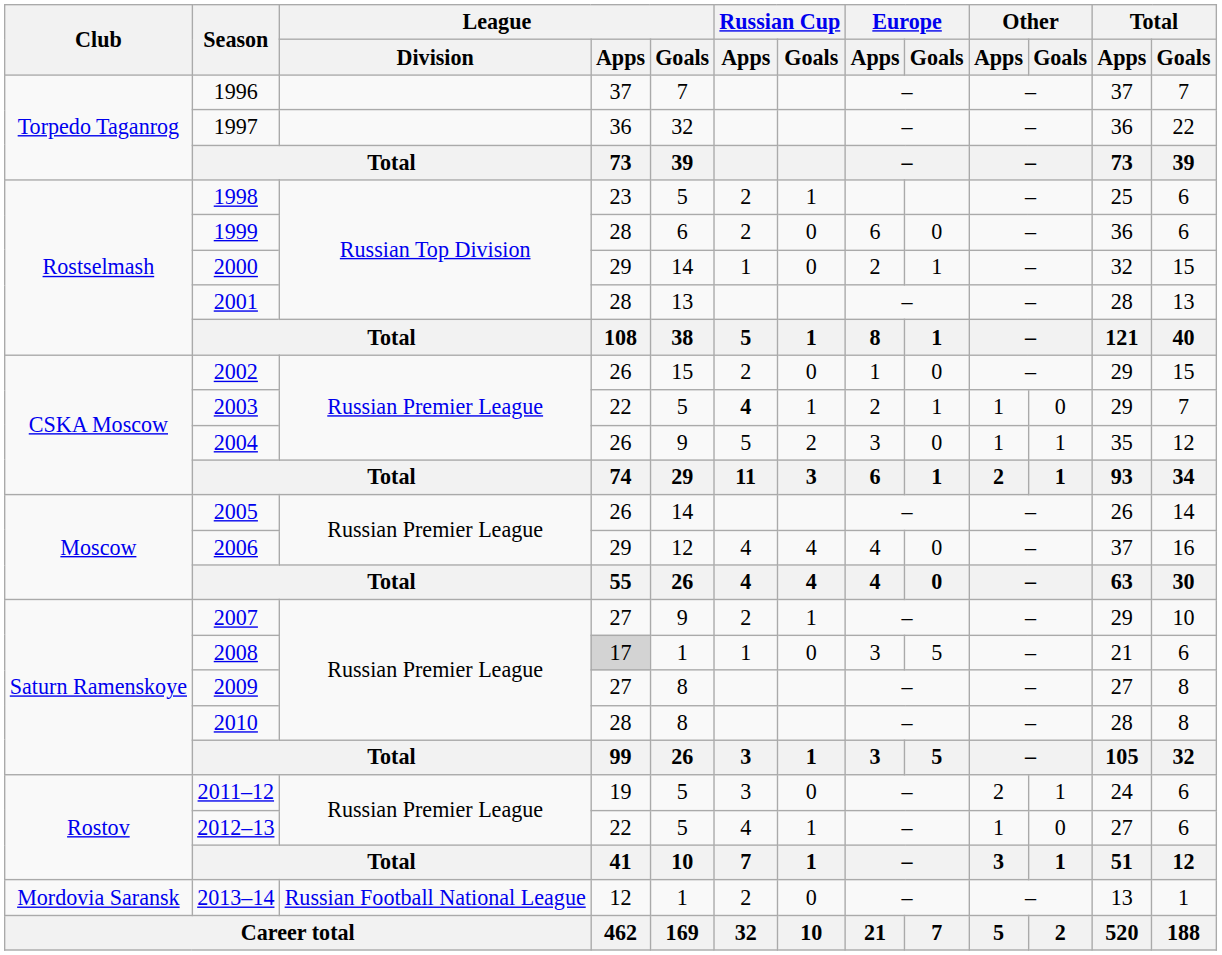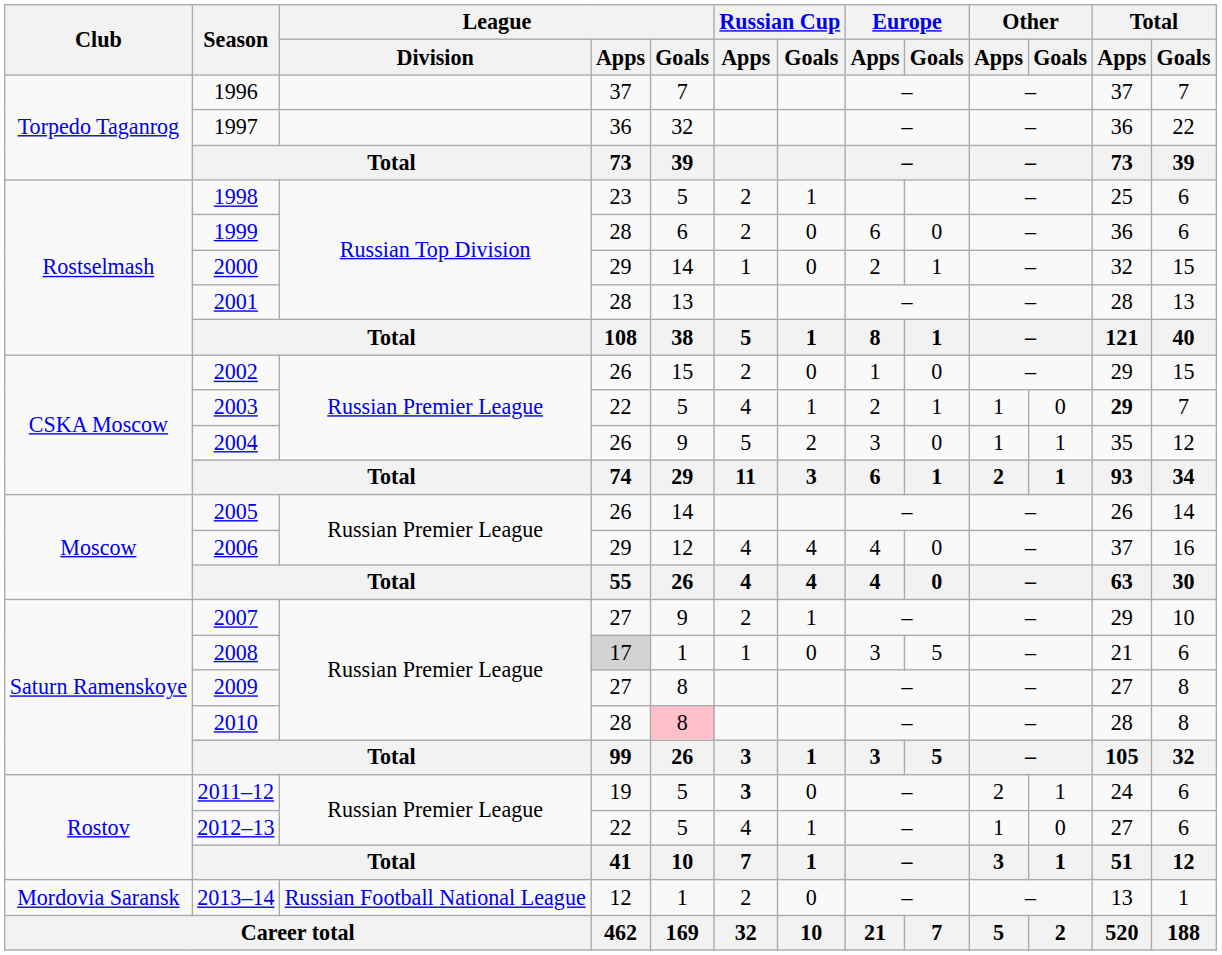 <table class="wikitable" style="text-align:center">
 <tr>
 <th rowspan="2">Club</th>
 <th rowspan="2">Season</th>
 <th colspan="3">League</th>
 <th colspan="2"><a href='#'>Russian Cup</a></th>
 <th colspan="2"><a href='#'>Europe</a></th>
 <th colspan="2">Other</th>
 <th colspan="2">Total</th>
 </tr>
 <tr>
 <th>Division</th>
 <th>Apps</th>
 <th>Goals</th>
 <th>Apps</th>
 <th>Goals</th>
 <th>Apps</th>
 <th>Goals</th>
 <th>Apps</th>
 <th>Goals</th>
 <th>Apps</th>
 <th>Goals</th>
 </tr>
 <tr>
 <td rowspan="3"><a href='#'>Torpedo Taganrog</a></td>
 <td>1996</td>
 <td></td>
 <td>37</td>
 <td>7</td>
 <td></td>
 <td></td>
 <td colspan="2">–</td>
 <td colspan="2">–</td>
 <td>37</td>
 <td>7</td>
 </tr>
 <tr>
 <td>1997</td>
 <td></td>
 <td>36</td>
 <td>32</td>
 <td></td>
 <td></td>
 <td colspan="2">–</td>
 <td colspan="2">–</td>
 <td>36</td>
 <td>22</td>
 </tr>
 <tr>
 <th colspan="2">Total</th>
 <th>73</th>
 <th>39</th>
 <th></th>
 <th></th>
 <th colspan="2">–</th>
 <th colspan="2">–</th>
 <th>73</th>
 <th>39</th>
 </tr>
 <tr>
 <td rowspan="5"><a href='#'>Rostselmash</a></td>
 <td><a href='#'>1998</a></td>
 <td rowspan="4"><a href='#'>Russian Top Division</a></td>
 <td>23</td>
 <td>5</td>
 <td>2</td>
 <td>1</td>
 <td></td>
 <td></td>
 <td colspan="2">–</td>
 <td>25</td>
 <td>6</td>
 </tr>
 <tr>
 <td><a href='#'>1999</a></td>
 <td>28</td>
 <td>6</td>
 <td>2</td>
 <td>0</td>
 <td>6</td>
 <td>0</td>
 <td colspan="2">–</td>
 <td>36</td>
 <td>6</td>
 </tr>
 <tr>
 <td><a href='#'>2000</a></td>
 <td>29</td>
 <td>14</td>
 <td>1</td>
 <td>0</td>
 <td>2</td>
 <td>1</td>
 <td colspan="2">–</td>
 <td>32</td>
 <td>15</td>
 </tr>
 <tr>
 <td><a href='#'>2001</a></td>
 <td>28</td>
 <td>13</td>
 <td></td>
 <td></td>
 <td colspan="2">–</td>
 <td colspan="2">–</td>
 <td>28</td>
 <td>13</td>
 </tr>
 <tr>
 <th colspan="2">Total</th>
 <th>108</th>
 <th>38</th>
 <th>5</th>
 <th>1</th>
 <th>8</th>
 <th>1</th>
 <th colspan="2">–</th>
 <th>121</th>
 <th>40</th>
 </tr>
 <tr>
 <td rowspan="4"><a href='#'>CSKA Moscow</a></td>
 <td><a href='#'>2002</a></td>
 <td rowspan="3"><a href='#'>Russian Premier League</a></td>
 <td>26</td>
 <td>15</td>
 <td>2</td>
 <td>0</td>
 <td>1</td>
 <td>0</td>
 <td colspan="2">–</td>
 <td>29</td>
 <td>15</td>
 </tr>
 <tr>
 <td><a href='#'>2003</a></td>
 <td>22</td>
 <td>5</td>
-<td><strong>4</strong></td>
+<td>4</td>
 <td>1</td>
 <td>2</td>
 <td>1</td>
 <td>1</td>
 <td>0</td>
-<td>29</td>
+<td><strong>29</strong></td>
 <td>7</td>
 </tr>
 <tr>
 <td><a href='#'>2004</a></td>
 <td>26</td>
 <td>9</td>
 <td>5</td>
 <td>2</td>
 <td>3</td>
 <td>0</td>
 <td>1</td>
 <td>1</td>
 <td>35</td>
 <td>12</td>
 </tr>
 <tr>
 <th colspan="2">Total</th>
 <th>74</th>
 <th>29</th>
 <th>11</th>
 <th>3</th>
 <th>6</th>
 <th>1</th>
 <th>2</th>
 <th>1</th>
 <th>93</th>
 <th>34</th>
 </tr>
 <tr>
 <td rowspan="3"><a href='#'>Moscow</a></td>
 <td><a href='#'>2005</a></td>
 <td rowspan="2">Russian Premier League</td>
 <td>26</td>
 <td>14</td>
 <td></td>
 <td></td>
 <td colspan="2">–</td>
 <td colspan="2">–</td>
 <td>26</td>
 <td>14</td>
 </tr>
 <tr>
 <td><a href='#'>2006</a></td>
 <td>29</td>
 <td>12</td>
 <td>4</td>
 <td>4</td>
 <td>4</td>
 <td>0</td>
 <td colspan="2">–</td>
 <td>37</td>
 <td>16</td>
 </tr>
 <tr>
 <th colspan="2">Total</th>
 <th>55</th>
 <th>26</th>
 <th>4</th>
 <th>4</th>
 <th>4</th>
 <th>0</th>
 <th colspan="2">–</th>
 <th>63</th>
 <th>30</th>
 </tr>
 <tr>
 <td rowspan="5"><a href='#'>Saturn Ramenskoye</a></td>
 <td><a href='#'>2007</a></td>
 <td rowspan="4">Russian Premier League</td>
 <td>27</td>
 <td>9</td>
 <td>2</td>
 <td>1</td>
 <td colspan="2">–</td>
 <td colspan="2">–</td>
 <td>29</td>
 <td>10</td>
 </tr>
 <tr>
 <td><a href='#'>2008</a></td>
 <td style="background: lightgrey;">17</td>
 <td>1</td>
 <td>1</td>
 <td>0</td>
 <td>3</td>
 <td>5</td>
 <td colspan="2">–</td>
 <td>21</td>
 <td>6</td>
 </tr>
 <tr>
 <td><a href='#'>2009</a></td>
 <td>27</td>
 <td>8</td>
 <td></td>
 <td></td>
 <td colspan="2">–</td>
 <td colspan="2">–</td>
 <td>27</td>
 <td>8</td>
 </tr>
 <tr>
 <td><a href='#'>2010</a></td>
 <td>28</td>
-<td>8</td>
+<td style="background: pink;">8</td>
 <td></td>
 <td></td>
 <td colspan="2">–</td>
 <td colspan="2">–</td>
 <td>28</td>
 <td>8</td>
 </tr>
 <tr>
 <th colspan="2">Total</th>
 <th>99</th>
 <th>26</th>
 <th>3</th>
 <th>1</th>
 <th>3</th>
 <th>5</th>
 <th colspan="2">–</th>
 <th>105</th>
 <th>32</th>
 </tr>
 <tr>
 <td rowspan="3"><a href='#'>Rostov</a></td>
 <td><a href='#'>2011–12</a></td>
 <td rowspan="2">Russian Premier League</td>
 <td>19</td>
 <td>5</td>
-<td>3</td>
+<td><strong>3</strong></td>
 <td>0</td>
 <td colspan="2">–</td>
 <td>2</td>
 <td>1</td>
 <td>24</td>
 <td>6</td>
 </tr>
 <tr>
 <td><a href='#'>2012–13</a></td>
 <td>22</td>
 <td>5</td>
 <td>4</td>
 <td>1</td>
 <td colspan="2">–</td>
 <td>1</td>
 <td>0</td>
 <td>27</td>
 <td>6</td>
 </tr>
 <tr>
 <th colspan="2">Total</th>
 <th>41</th>
 <th>10</th>
 <th>7</th>
 <th>1</th>
 <th colspan="2">–</th>
 <th>3</th>
 <th>1</th>
 <th>51</th>
 <th>12</th>
 </tr>
 <tr>
 <td><a href='#'>Mordovia Saransk</a></td>
 <td><a href='#'>2013–14</a></td>
 <td><a href='#'>Russian Football National League</a></td>
 <td>12</td>
 <td>1</td>
 <td>2</td>
 <td>0</td>
 <td colspan="2">–</td>
 <td colspan="2">–</td>
 <td>13</td>
 <td>1</td>
 </tr>
 <tr>
 <th colspan="3">Career total</th>
 <th>462</th>
 <th>169</th>
 <th>32</th>
 <th>10</th>
 <th>21</th>
 <th>7</th>
 <th>5</th>
 <th>2</th>
 <th>520</th>
 <th>188</th>
 </tr>
 </table>
